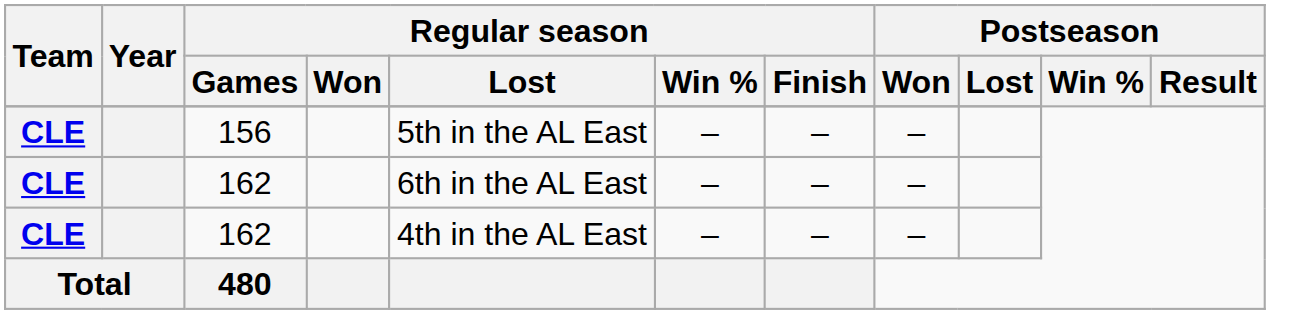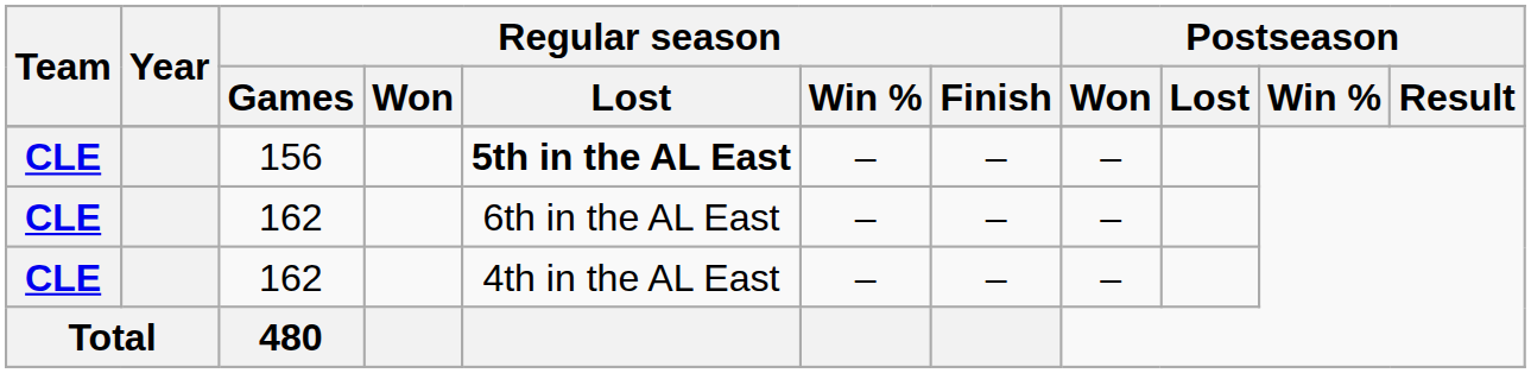 <table class="wikitable" style="font-size: 95%; text-align:center;">
 <tr>
 <th rowspan="2">Team</th>
 <th rowspan="2">Year</th>
 <th colspan="5">Regular season</th>
 <th colspan="4">Postseason</th>
 </tr>
 <tr>
 <th>Games</th>
 <th>Won</th>
 <th>Lost</th>
 <th>Win %</th>
 <th>Finish</th>
 <th>Won</th>
 <th>Lost</th>
 <th>Win %</th>
 <th>Result</th>
 </tr>
 <tr>
 </tr>
 <tr>
 <th><a href='#'>CLE</a></th>
 <th></th>
 <td>156</td>
 <td></td>
-<td>5th in the AL East</td>
+<td><strong>5th in the AL East</strong></td>
 <td>–</td>
 <td>–</td>
 <td>–</td>
 <td></td>
 </tr>
 <tr>
 <th><a href='#'>CLE</a></th>
 <th></th>
 <td>162</td>
 <td></td>
 <td>6th in the AL East</td>
 <td>–</td>
 <td>–</td>
 <td>–</td>
 <td></td>
 </tr>
 <tr>
 <th><a href='#'>CLE</a></th>
 <th></th>
 <td>162</td>
 <td></td>
 <td>4th in the AL East</td>
 <td>–</td>
 <td>–</td>
 <td>–</td>
 <td></td>
 </tr>
 <tr>
 <th colspan="2">Total</th>
 <th>480</th>
 <th></th>
 <th></th>
 <th></th>
 <th></th>
 </tr>
 </table>
